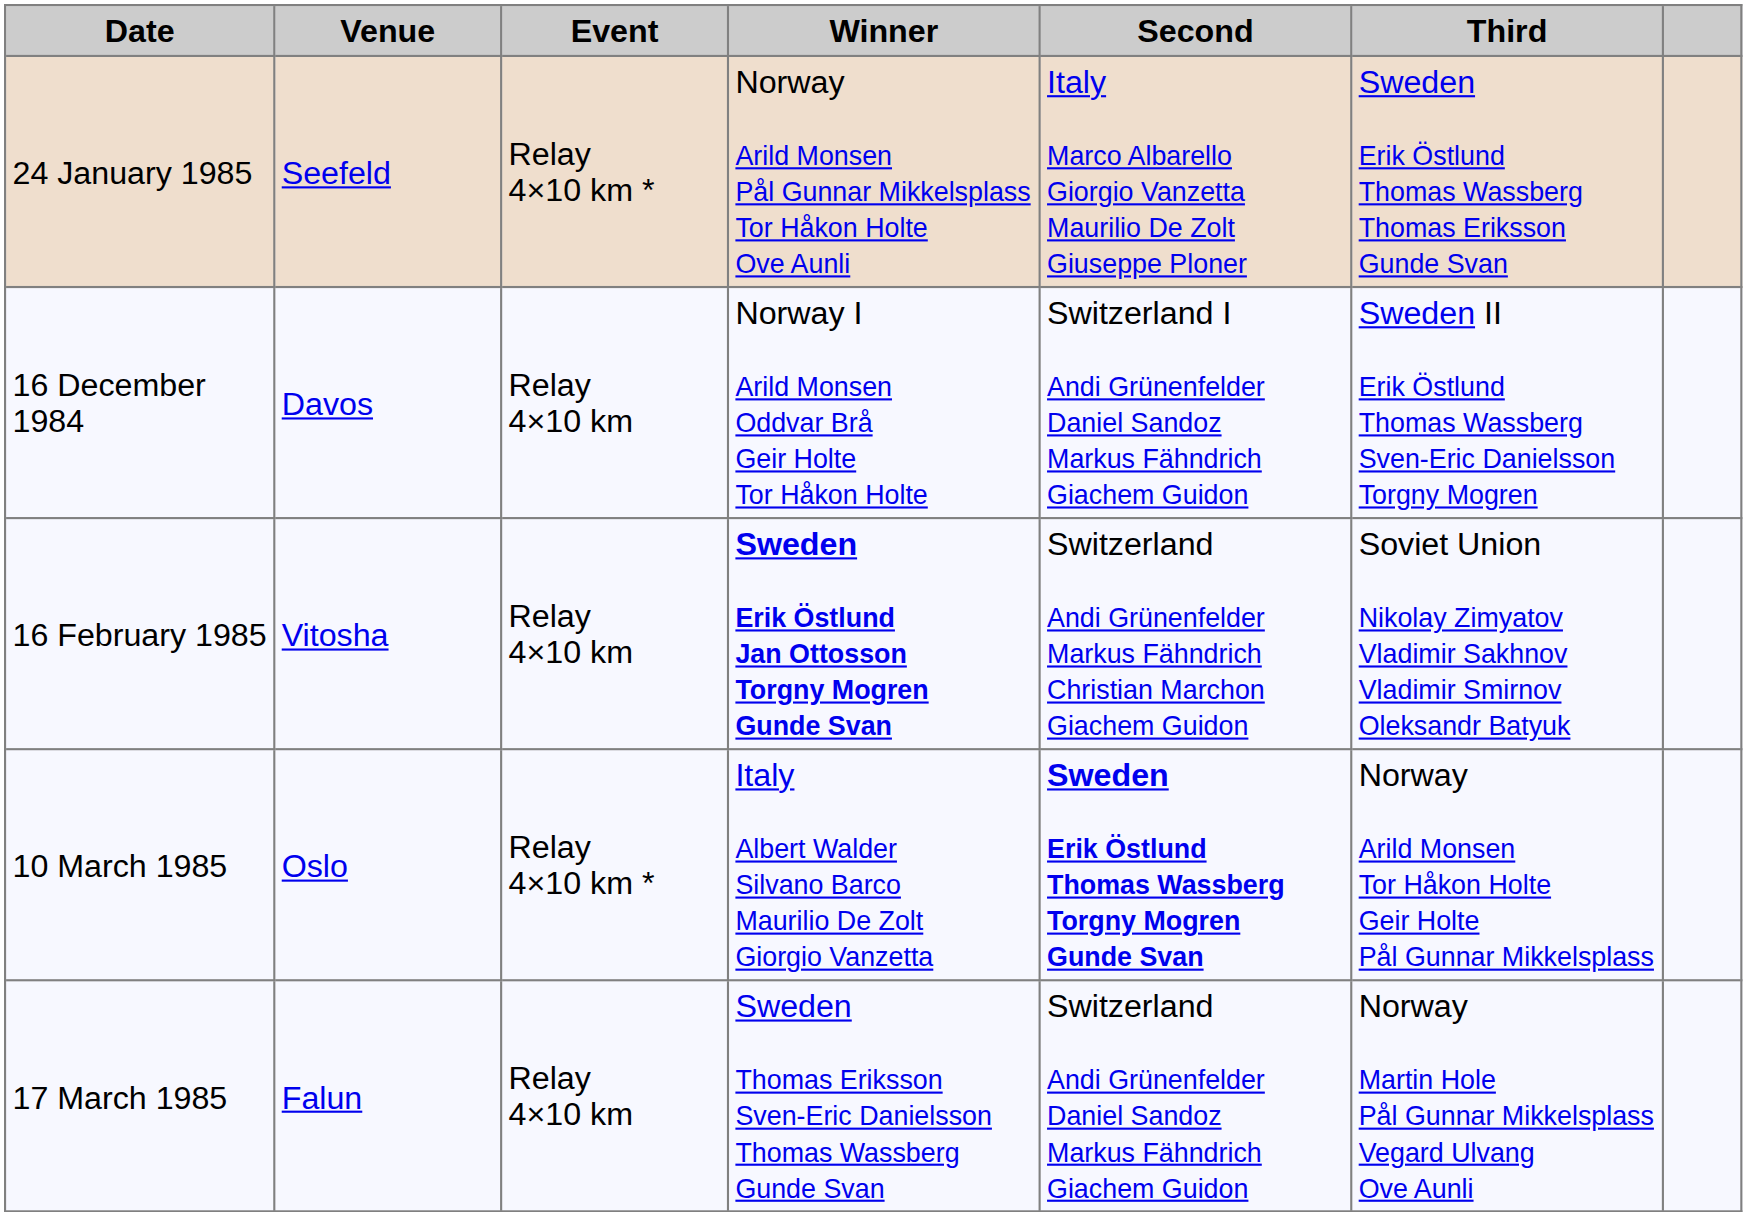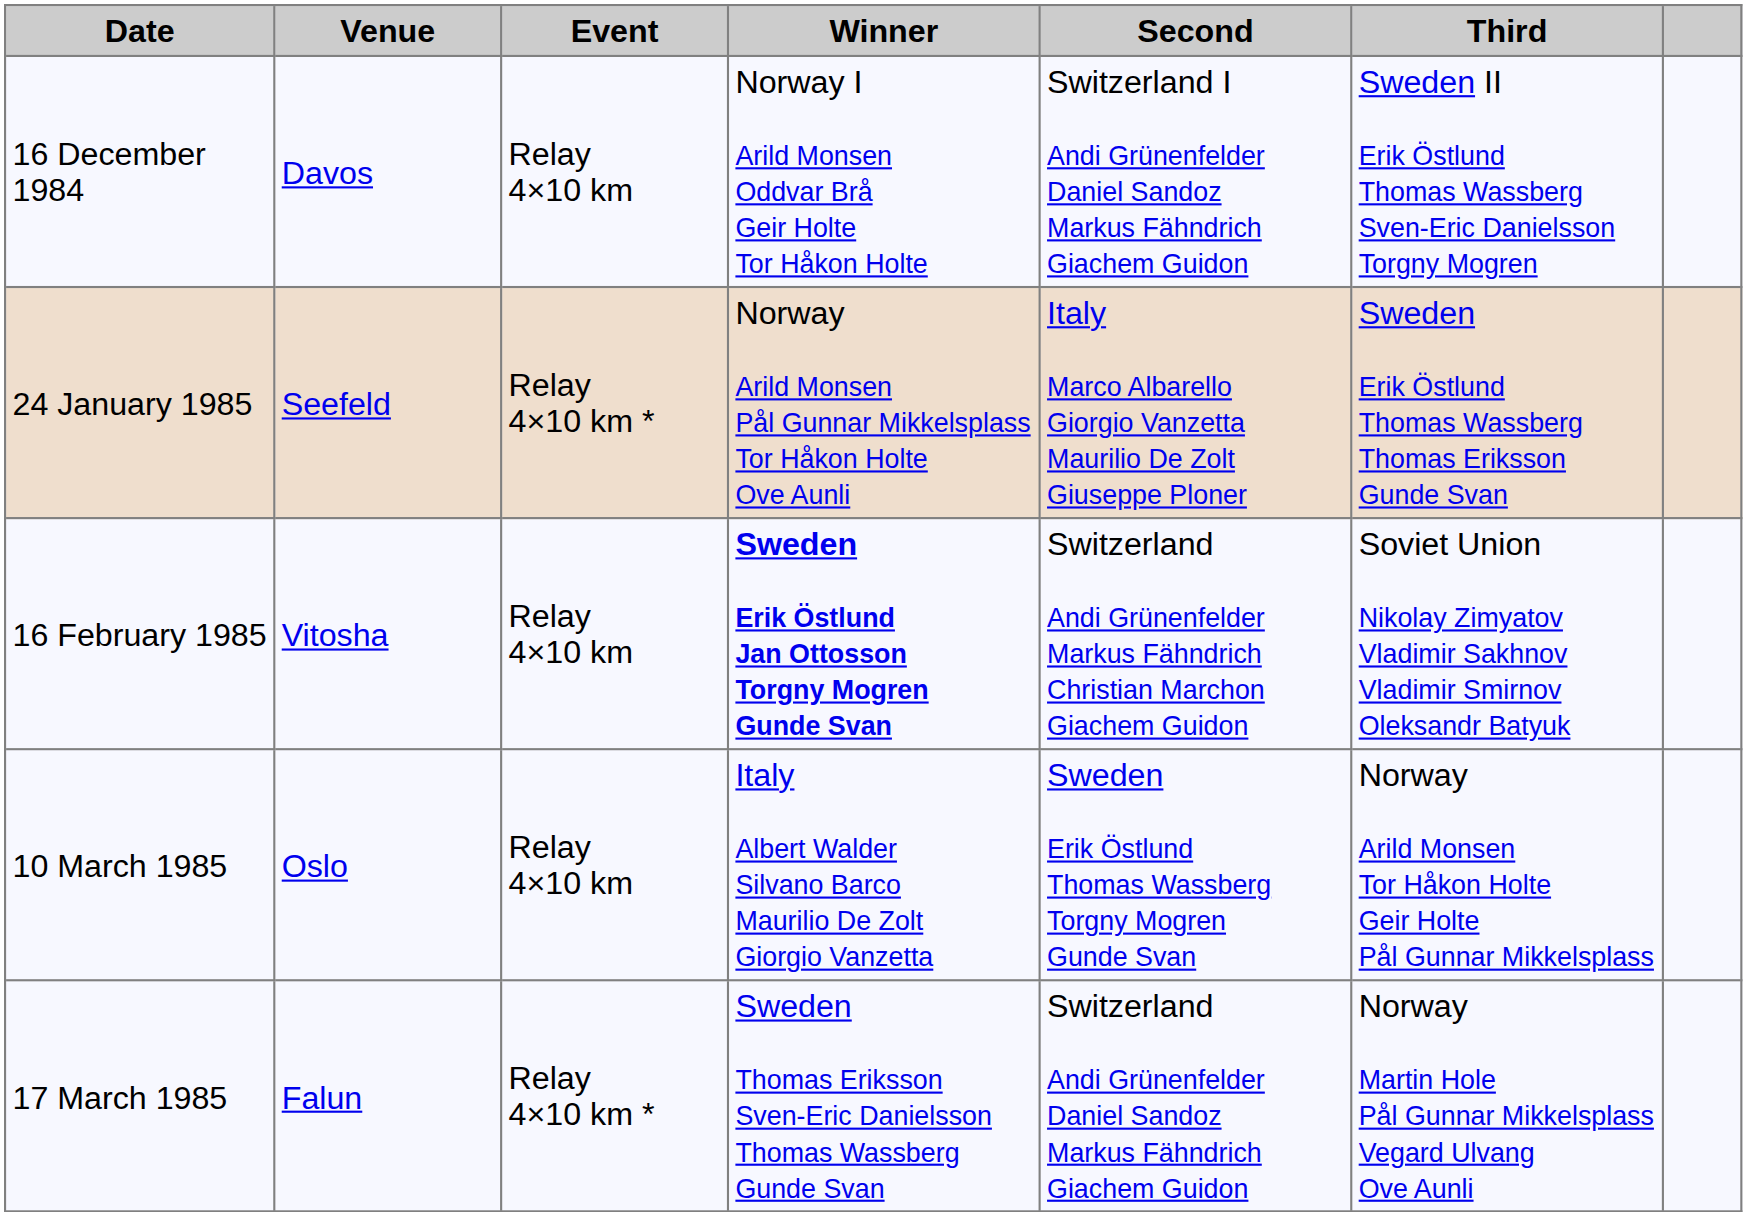 <table bgcolor="#f7f8ff" cellpadding="3" cellspacing="0" border="1" style="font-size: 95%; border: gray solid 1px; border-collapse: collapse;">
 <tr bgcolor="#CCCCCC">
 <td align="center" width="120"><strong>Date</strong></td>
 <td align="center" width="100"><strong>Venue</strong></td>
 <td align="center" width="100"><strong>Event</strong></td>
 <td align="center" width="140"><strong>Winner</strong></td>
 <td align="center" width="140"><strong>Second</strong></td>
 <td align="center" width="140"><strong>Third</strong></td>
 <td align="center" width="30"></td>
 </tr>
+<tr align="left">
+<td>16 December 1984</td>
+<td> <a href='#'>Davos</a></td>
+<td>Relay 4×10 km</td>
+<td> Norway I<br><br><small><a href='#'>Arild Monsen</a></small><br> <small><a href='#'>Oddvar Brå</a></small><br> <small><a href='#'>Geir Holte</a></small><br> <small><a href='#'>Tor Håkon Holte</a></small></td>
+<td> Switzerland I<br><br><small><a href='#'>Andi Grünenfelder</a></small><br> <small><a href='#'>Daniel Sandoz</a></small><br> <small><a href='#'>Markus Fähndrich</a></small><br> <small><a href='#'>Giachem Guidon</a></small></td>
+<td> <a href='#'>Sweden</a> II<br><br><small><a href='#'>Erik Östlund</a></small><br> <small><a href='#'>Thomas Wassberg</a></small><br> <small><a href='#'>Sven-Eric Danielsson</a></small><br> <small><a href='#'>Torgny Mogren</a></small></td>
+<td></td>
+</tr>
 <tr align="left" bgcolor=#EFDECD>
 <td>24 January 1985</td>
 <td> <a href='#'>Seefeld</a></td>
 <td>Relay 4×10 km *</td>
 <td> Norway<br><br><small><a href='#'>Arild Monsen</a></small><br> <small><a href='#'>Pål Gunnar Mikkelsplass</a></small><br> <small><a href='#'>Tor Håkon Holte</a></small><br> <small><a href='#'>Ove Aunli</a></small></td>
 <td> <a href='#'>Italy</a><br><br><small><a href='#'>Marco Albarello</a></small><br> <small><a href='#'>Giorgio Vanzetta</a></small><br> <small><a href='#'>Maurilio De Zolt</a></small><br> <small><a href='#'>Giuseppe Ploner</a></small></td>
 <td> <a href='#'>Sweden</a><br><br><small><a href='#'>Erik Östlund</a></small><br> <small><a href='#'>Thomas Wassberg</a></small><br> <small><a href='#'>Thomas Eriksson</a></small><br> <small><a href='#'>Gunde Svan</a></small></td>
-<td></td>
-</tr>
-<tr align="left">
-<td>16 December 1984</td>
-<td> <a href='#'>Davos</a></td>
-<td>Relay 4×10 km</td>
-<td> Norway I<br><br><small><a href='#'>Arild Monsen</a></small><br> <small><a href='#'>Oddvar Brå</a></small><br> <small><a href='#'>Geir Holte</a></small><br> <small><a href='#'>Tor Håkon Holte</a></small></td>
-<td> Switzerland I<br><br><small><a href='#'>Andi Grünenfelder</a></small><br> <small><a href='#'>Daniel Sandoz</a></small><br> <small><a href='#'>Markus Fähndrich</a></small><br> <small><a href='#'>Giachem Guidon</a></small></td>
-<td> <a href='#'>Sweden</a> II<br><br><small><a href='#'>Erik Östlund</a></small><br> <small><a href='#'>Thomas Wassberg</a></small><br> <small><a href='#'>Sven-Eric Danielsson</a></small><br> <small><a href='#'>Torgny Mogren</a></small></td>
 <td></td>
 </tr>
 <tr align="left">
 <td>16 February 1985</td>
 <td> <a href='#'>Vitosha</a></td>
 <td>Relay 4×10 km</td>
 <td><strong> <a href='#'>Sweden</a><br><br><small><a href='#'>Erik Östlund</a></small><br> <small><a href='#'>Jan Ottosson</a></small><br> <small><a href='#'>Torgny Mogren</a></small><br> <small><a href='#'>Gunde Svan</a></small></strong></td>
 <td> Switzerland<br><br><small><a href='#'>Andi Grünenfelder</a></small><br> <small><a href='#'>Markus Fähndrich</a></small><br> <small><a href='#'>Christian Marchon</a></small><br> <small><a href='#'>Giachem Guidon</a></small></td>
 <td> Soviet Union<br><br><small><a href='#'>Nikolay Zimyatov</a></small><br> <small><a href='#'>Vladimir Sakhnov</a></small><br> <small><a href='#'>Vladimir Smirnov</a></small><br> <small><a href='#'>Oleksandr Batyuk</a></small></td>
 <td></td>
 </tr>
 <tr align="left">
 <td>10 March 1985</td>
 <td> <a href='#'>Oslo</a></td>
-<td>Relay 4×10 km *</td>
+<td>Relay 4×10 km</td>
 <td> <a href='#'>Italy</a><br><br><small><a href='#'>Albert Walder</a></small><br> <small><a href='#'>Silvano Barco</a></small><br> <small><a href='#'>Maurilio De Zolt</a></small><br> <small><a href='#'>Giorgio Vanzetta</a></small></td>
-<td><strong> <a href='#'>Sweden</a><br><br><small><a href='#'>Erik Östlund</a></small><br> <small><a href='#'>Thomas Wassberg</a></small><br> <small><a href='#'>Torgny Mogren</a></small><br> <small><a href='#'>Gunde Svan</a></small></strong></td>
+<td> <a href='#'>Sweden</a><br><br><small><a href='#'>Erik Östlund</a></small><br> <small><a href='#'>Thomas Wassberg</a></small><br> <small><a href='#'>Torgny Mogren</a></small><br> <small><a href='#'>Gunde Svan</a></small></td>
 <td> Norway<br><br><small><a href='#'>Arild Monsen</a></small><br> <small><a href='#'>Tor Håkon Holte</a></small><br> <small><a href='#'>Geir Holte</a></small><br> <small><a href='#'>Pål Gunnar Mikkelsplass</a></small></td>
 <td></td>
 </tr>
 <tr align="left">
 <td>17 March 1985</td>
 <td> <a href='#'>Falun</a></td>
-<td>Relay 4×10 km</td>
+<td>Relay 4×10 km *</td>
 <td> <a href='#'>Sweden</a><br><br><small><a href='#'>Thomas Eriksson</a></small><br> <small><a href='#'>Sven-Eric Danielsson</a></small><br> <small><a href='#'>Thomas Wassberg</a></small><br> <small><a href='#'>Gunde Svan</a></small></td>
 <td> Switzerland<br><br><small><a href='#'>Andi Grünenfelder</a></small><br> <small><a href='#'>Daniel Sandoz</a></small><br> <small><a href='#'>Markus Fähndrich</a></small><br> <small><a href='#'>Giachem Guidon</a></small></td>
 <td> Norway<br><br><small><a href='#'>Martin Hole</a></small><br> <small><a href='#'>Pål Gunnar Mikkelsplass</a></small><br> <small><a href='#'>Vegard Ulvang</a></small><br> <small><a href='#'>Ove Aunli</a></small></td>
 <td></td>
 </tr>
 </table>
